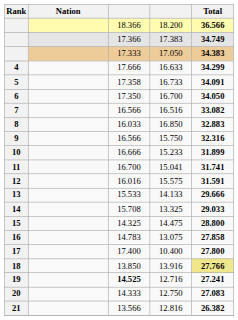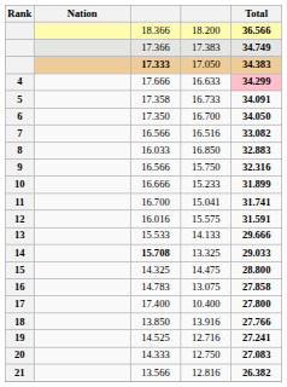 <table class="wikitable sortable" style="text-align:center; font-size:85%">
 <tr>
 <th scope="col" style="width:20px;">Rank</th>
 <th ! scope="col" style="width:120px;">Nation</th>
 <th ! scope="col" style="width:60px;"></th>
 <th ! scope="col" style="width:60px;"> </th>
 <th ! scope="col" style="width:60px;">Total</th>
 </tr>
 <tr bgcolor=fffcaf>
 <th scope=row></th>
 <td align=left></td>
 <td>18.366</td>
 <td>18.200</td>
 <td><strong>36.566</strong></td>
 </tr>
 <tr bgcolor=e5e5e5>
 <th scope=row></th>
 <td align=left></td>
 <td>17.366</td>
 <td>17.383</td>
 <td><strong>34.749</strong></td>
 </tr>
 <tr bgcolor=eecc99>
 <th scope=row></th>
 <td align=left></td>
-<td>17.333</td>
+<td><strong>17.333</strong></td>
 <td>17.050</td>
 <td><strong>34.383</strong></td>
 </tr>
 <tr>
 <th scope=row>4</th>
 <td align=left></td>
 <td>17.666</td>
 <td>16.633</td>
-<td><strong>34.299</strong></td>
+<td style="background: pink;"><strong>34.299</strong></td>
 </tr>
 <tr>
 <th scope=row>5</th>
 <td align=left></td>
 <td>17.358</td>
 <td>16.733</td>
 <td><strong>34.091</strong></td>
 </tr>
 <tr>
 <th scope=row>6</th>
 <td align=left></td>
 <td>17.350</td>
 <td>16.700</td>
 <td><strong>34.050</strong></td>
 </tr>
 <tr>
 <th scope=row>7</th>
 <td align=left></td>
 <td>16.566</td>
 <td>16.516</td>
 <td><strong>33.082</strong></td>
 </tr>
 <tr>
 <th scope=row>8</th>
 <td align=left></td>
 <td>16.033</td>
 <td>16.850</td>
 <td><strong>32.883</strong></td>
 </tr>
 <tr>
 <th scope=row>9</th>
 <td align=left></td>
 <td>16.566</td>
 <td>15.750</td>
 <td><strong>32.316</strong></td>
 </tr>
 <tr>
 <th scope=row>10</th>
 <td align=left></td>
 <td>16.666</td>
 <td>15.233</td>
 <td><strong>31.899</strong></td>
 </tr>
 <tr>
 <th scope=row>11</th>
 <td align=left></td>
 <td>16.700</td>
 <td>15.041</td>
 <td><strong>31.741</strong></td>
 </tr>
 <tr>
 <th scope=row>12</th>
 <td align=left></td>
 <td>16.016</td>
 <td>15.575</td>
 <td><strong>31.591</strong></td>
 </tr>
 <tr>
 <th scope=row>13</th>
 <td align=left></td>
 <td>15.533</td>
 <td>14.133</td>
 <td><strong>29.666</strong></td>
 </tr>
 <tr>
 <th scope=row>14</th>
 <td align=left></td>
-<td>15.708</td>
+<td><strong>15.708</strong></td>
 <td>13.325</td>
 <td><strong>29.033</strong></td>
 </tr>
 <tr>
 <th scope=row>15</th>
 <td align=left></td>
 <td>14.325</td>
 <td>14.475</td>
 <td><strong>28.800</strong></td>
 </tr>
 <tr>
 <th scope=row>16</th>
 <td align=left></td>
 <td>14.783</td>
 <td>13.075</td>
 <td><strong>27.858</strong></td>
 </tr>
 <tr>
 <th scope=row>17</th>
 <td align=left></td>
 <td>17.400</td>
 <td>10.400</td>
 <td><strong>27.800</strong></td>
 </tr>
 <tr>
 <th scope=row>18</th>
 <td align=left></td>
 <td>13.850</td>
 <td>13.916</td>
-<td style="background: khaki;"><strong>27.766</strong></td>
+<td><strong>27.766</strong></td>
 </tr>
 <tr>
 <th scope=row>19</th>
 <td align=left></td>
-<td><strong>14.525</strong></td>
+<td>14.525</td>
 <td>12.716</td>
 <td><strong>27.241</strong></td>
 </tr>
 <tr>
 <th scope=row>20</th>
 <td align=left></td>
 <td>14.333</td>
 <td>12.750</td>
 <td><strong>27.083</strong></td>
 </tr>
 <tr>
 <th scope=row>21</th>
 <td align=left></td>
 <td>13.566</td>
 <td>12.816</td>
 <td><strong>26.382</strong></td>
 </tr>
 <tr>
 </tr>
 </table>
